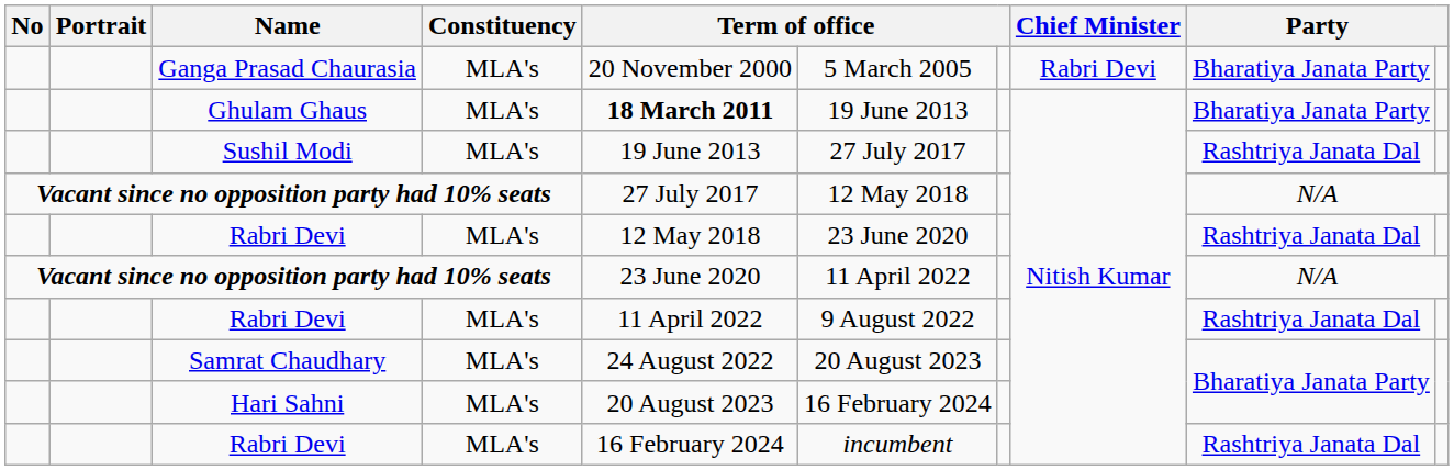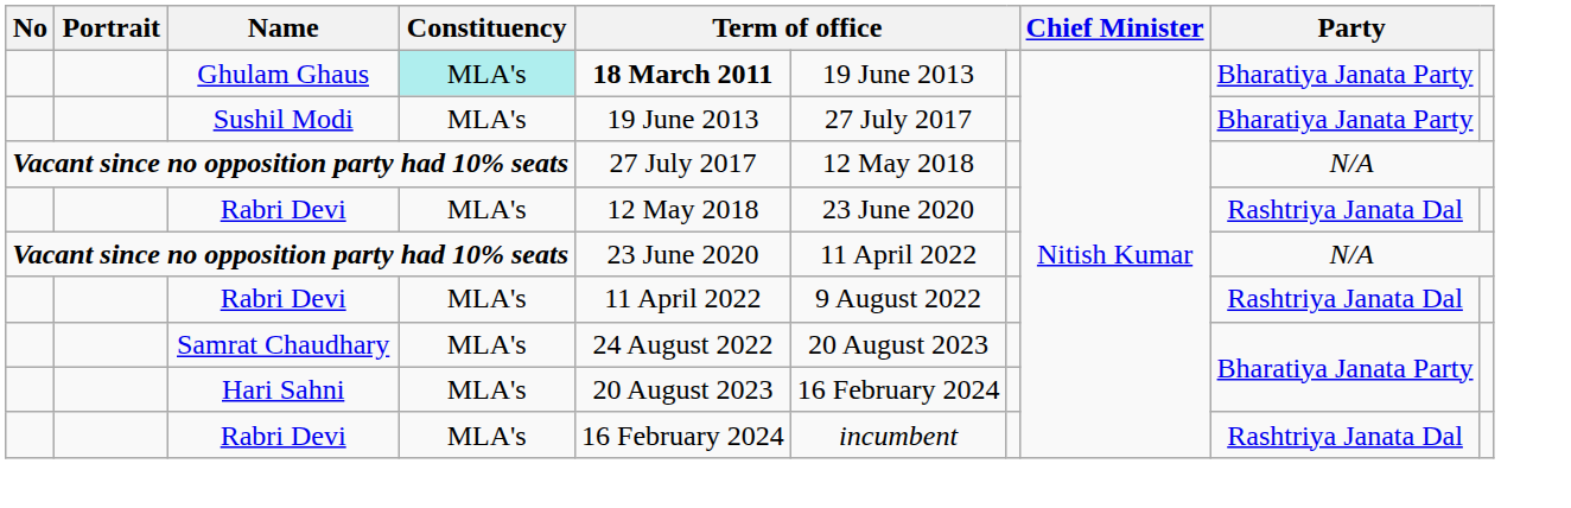 <table class="wikitable" style="text-align:center">
 <tr>
 <th>No</th>
 <th>Portrait</th>
 <th>Name</th>
 <th>Constituency</th>
 <th colspan="3">Term of office</th>
 <th><a href='#'>Chief Minister</a></th>
 <th colspan="2">Party</th>
 </tr>
 <tr>
 <td></td>
 <td></td>
-<td><a href='#'>Ganga Prasad Chaurasia</a></td>
-<td>MLA's</td>
-<td>20 November 2000</td>
-<td>5 March 2005</td>
-<td></td>
-<td><a href='#'>Rabri Devi</a></td>
-<td><a href='#'>Bharatiya Janata Party</a></td>
-<td style="background-color: "></td>
-</tr>
-<tr>
-<td></td>
-<td></td>
 <td><a href='#'>Ghulam Ghaus</a></td>
-<td>MLA's</td>
+<td style="background: paleturquoise;">MLA's</td>
 <td><strong>18 March 2011</strong></td>
 <td>19 June 2013</td>
 <td></td>
 <td rowspan="9"><a href='#'>Nitish Kumar</a></td>
 <td><a href='#'>Bharatiya Janata Party</a></td>
 <td style="background-color: "></td>
 </tr>
 <tr>
 <td></td>
 <td></td>
 <td><a href='#'>Sushil Modi</a></td>
 <td>MLA's</td>
 <td>19 June 2013</td>
 <td>27 July 2017</td>
 <td></td>
-<td><a href='#'>Rashtriya Janata Dal</a></td>
+<td><a href='#'>Bharatiya Janata Party</a></td>
 <td style="background-color: "></td>
 </tr>
 <tr>
 <td colspan="4"><strong><em>Vacant since no opposition party had 10% seats</em></strong></td>
 <td>27 July 2017</td>
 <td>12 May 2018</td>
 <td></td>
 <td colspan="2"><em>N/A</em></td>
 </tr>
 <tr>
 <td></td>
 <td></td>
 <td><a href='#'>Rabri Devi</a></td>
 <td>MLA's</td>
 <td>12 May 2018</td>
 <td>23 June 2020</td>
 <td></td>
 <td><a href='#'>Rashtriya Janata Dal</a></td>
 <td style="background-color: "></td>
 </tr>
 <tr>
 <td colspan="4"><strong><em>Vacant since no opposition party had 10% seats</em></strong></td>
 <td>23 June 2020</td>
 <td>11 April 2022</td>
 <td></td>
 <td colspan="2"><em>N/A</em></td>
 </tr>
 <tr>
 <td></td>
 <td></td>
 <td><a href='#'>Rabri Devi</a></td>
 <td>MLA's</td>
 <td>11 April 2022</td>
 <td>9 August 2022</td>
 <td></td>
 <td><a href='#'>Rashtriya Janata Dal</a></td>
 <td style="background-color: "></td>
 </tr>
 <tr>
 <td></td>
 <td></td>
 <td><a href='#'>Samrat Chaudhary</a></td>
 <td>MLA's</td>
 <td>24 August 2022</td>
 <td>20 August 2023</td>
 <td></td>
 <td rowspan="2"><a href='#'>Bharatiya Janata Party</a></td>
 <td rowspan="2" style="background-color: "></td>
 </tr>
 <tr>
 <td></td>
 <td></td>
 <td><a href='#'>Hari Sahni</a></td>
 <td>MLA's</td>
 <td>20 August 2023</td>
 <td>16 February 2024</td>
 <td></td>
 </tr>
 <tr>
 <td></td>
 <td></td>
 <td><a href='#'>Rabri Devi</a></td>
 <td>MLA's</td>
 <td>16 February 2024</td>
 <td><em>incumbent</em></td>
 <td></td>
 <td><a href='#'>Rashtriya Janata Dal</a></td>
 <td style="background-color: "></td>
 </tr>
 </table>
